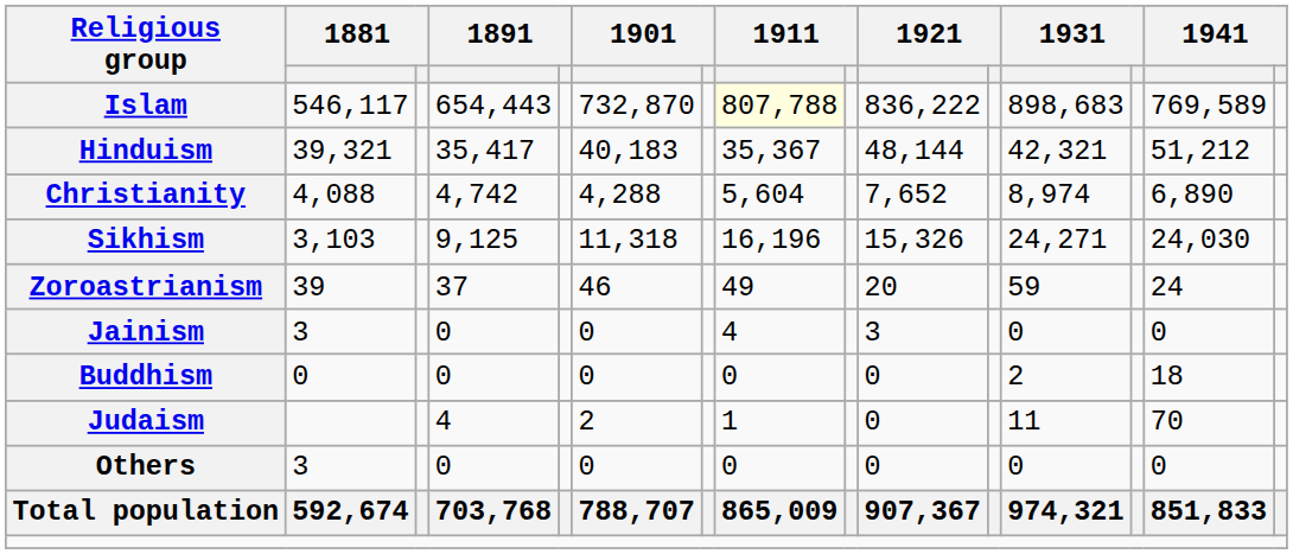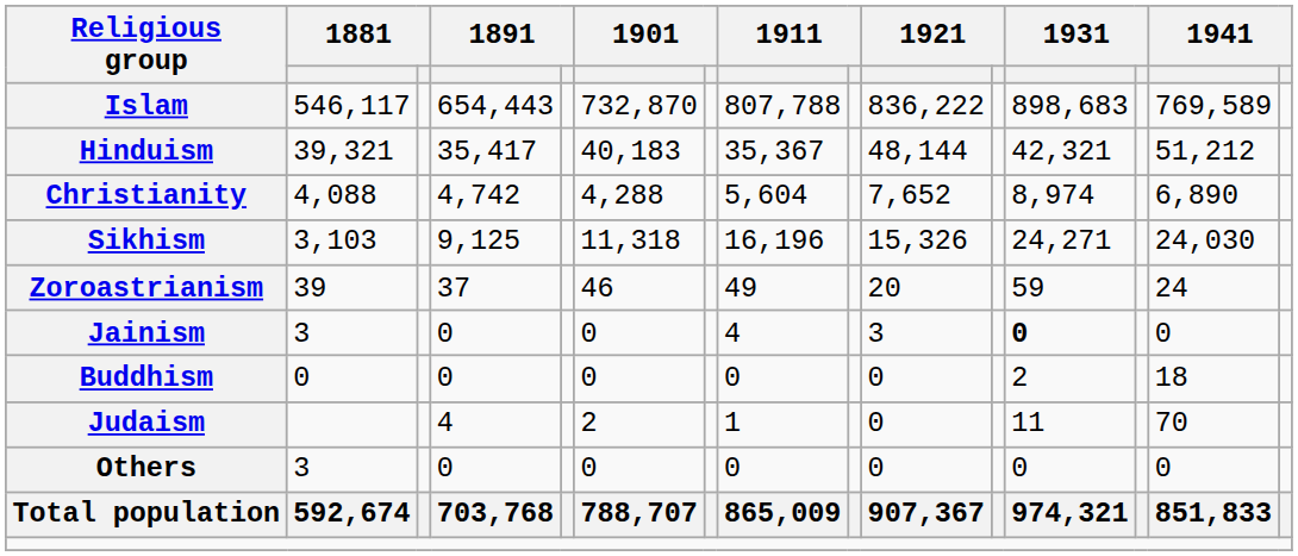 <table class="wikitable sortable">
 <tr>
 <th rowspan="2"><a href='#'>Religious</a><br>group</th>
 <th colspan="2">1881</th>
 <th colspan="2">1891</th>
 <th colspan="2">1901</th>
 <th colspan="2">1911</th>
 <th colspan="2">1921</th>
 <th colspan="2">1931</th>
 <th colspan="2">1941</th>
 </tr>
 <tr>
 <th><a href='#'></a></th>
 <th></th>
 <th></th>
 <th></th>
 <th></th>
 <th></th>
 <th></th>
 <th></th>
 <th></th>
 <th></th>
 <th></th>
 <th></th>
 <th></th>
 <th></th>
 </tr>
 <tr>
 <th><a href='#'>Islam</a> </th>
 <td>546,117</td>
 <td></td>
 <td>654,443</td>
 <td></td>
 <td>732,870</td>
 <td></td>
-<td style="background: lightyellow;">807,788</td>
+<td>807,788</td>
 <td></td>
 <td>836,222</td>
 <td></td>
 <td>898,683</td>
 <td></td>
 <td>769,589</td>
 <td></td>
 </tr>
 <tr>
 <th><a href='#'>Hinduism</a> </th>
 <td>39,321</td>
 <td></td>
 <td>35,417</td>
 <td></td>
 <td>40,183</td>
 <td></td>
 <td>35,367</td>
 <td></td>
 <td>48,144</td>
 <td></td>
 <td>42,321</td>
 <td></td>
 <td>51,212</td>
 <td></td>
 </tr>
 <tr>
 <th><a href='#'>Christianity</a> </th>
 <td>4,088</td>
 <td></td>
 <td>4,742</td>
 <td></td>
 <td>4,288</td>
 <td></td>
 <td>5,604</td>
 <td></td>
 <td>7,652</td>
 <td></td>
 <td>8,974</td>
 <td></td>
 <td>6,890</td>
 <td></td>
 </tr>
 <tr>
 <th><a href='#'>Sikhism</a> </th>
 <td>3,103</td>
 <td></td>
 <td>9,125</td>
 <td></td>
 <td>11,318</td>
 <td></td>
 <td>16,196</td>
 <td></td>
 <td>15,326</td>
 <td></td>
 <td>24,271</td>
 <td></td>
 <td>24,030</td>
 <td></td>
 </tr>
 <tr>
 <th><a href='#'>Zoroastrianism</a> </th>
 <td>39</td>
 <td></td>
 <td>37</td>
 <td></td>
 <td>46</td>
 <td></td>
 <td>49</td>
 <td></td>
 <td>20</td>
 <td></td>
 <td>59</td>
 <td></td>
 <td>24</td>
 <td></td>
 </tr>
 <tr>
 <th><a href='#'>Jainism</a> </th>
 <td>3</td>
 <td></td>
 <td>0</td>
 <td></td>
 <td>0</td>
 <td></td>
 <td>4</td>
 <td></td>
 <td>3</td>
 <td></td>
-<td>0</td>
+<td><strong>0</strong></td>
 <td></td>
 <td>0</td>
 <td></td>
 </tr>
 <tr>
 <th><a href='#'>Buddhism</a> </th>
 <td>0</td>
 <td></td>
 <td>0</td>
 <td></td>
 <td>0</td>
 <td></td>
 <td>0</td>
 <td></td>
 <td>0</td>
 <td></td>
 <td>2</td>
 <td></td>
 <td>18</td>
 <td></td>
 </tr>
 <tr>
 <th><a href='#'>Judaism</a> </th>
 <td></td>
 <td></td>
 <td>4</td>
 <td></td>
 <td>2</td>
 <td></td>
 <td>1</td>
 <td></td>
 <td>0</td>
 <td></td>
 <td>11</td>
 <td></td>
 <td>70</td>
 <td></td>
 </tr>
 <tr>
 <th>Others</th>
 <td>3</td>
 <td></td>
 <td>0</td>
 <td></td>
 <td>0</td>
 <td></td>
 <td>0</td>
 <td></td>
 <td>0</td>
 <td></td>
 <td>0</td>
 <td></td>
 <td>0</td>
 <td></td>
 </tr>
 <tr>
 <th>Total population</th>
 <th>592,674</th>
 <th></th>
 <th>703,768</th>
 <th></th>
 <th>788,707</th>
 <th></th>
 <th>865,009</th>
 <th></th>
 <th>907,367</th>
 <th></th>
 <th>974,321</th>
 <th></th>
 <th>851,833</th>
 <th></th>
 </tr>
 <tr class="sortbottom">
 <td colspan="15"></td>
 </tr>
 </table>
